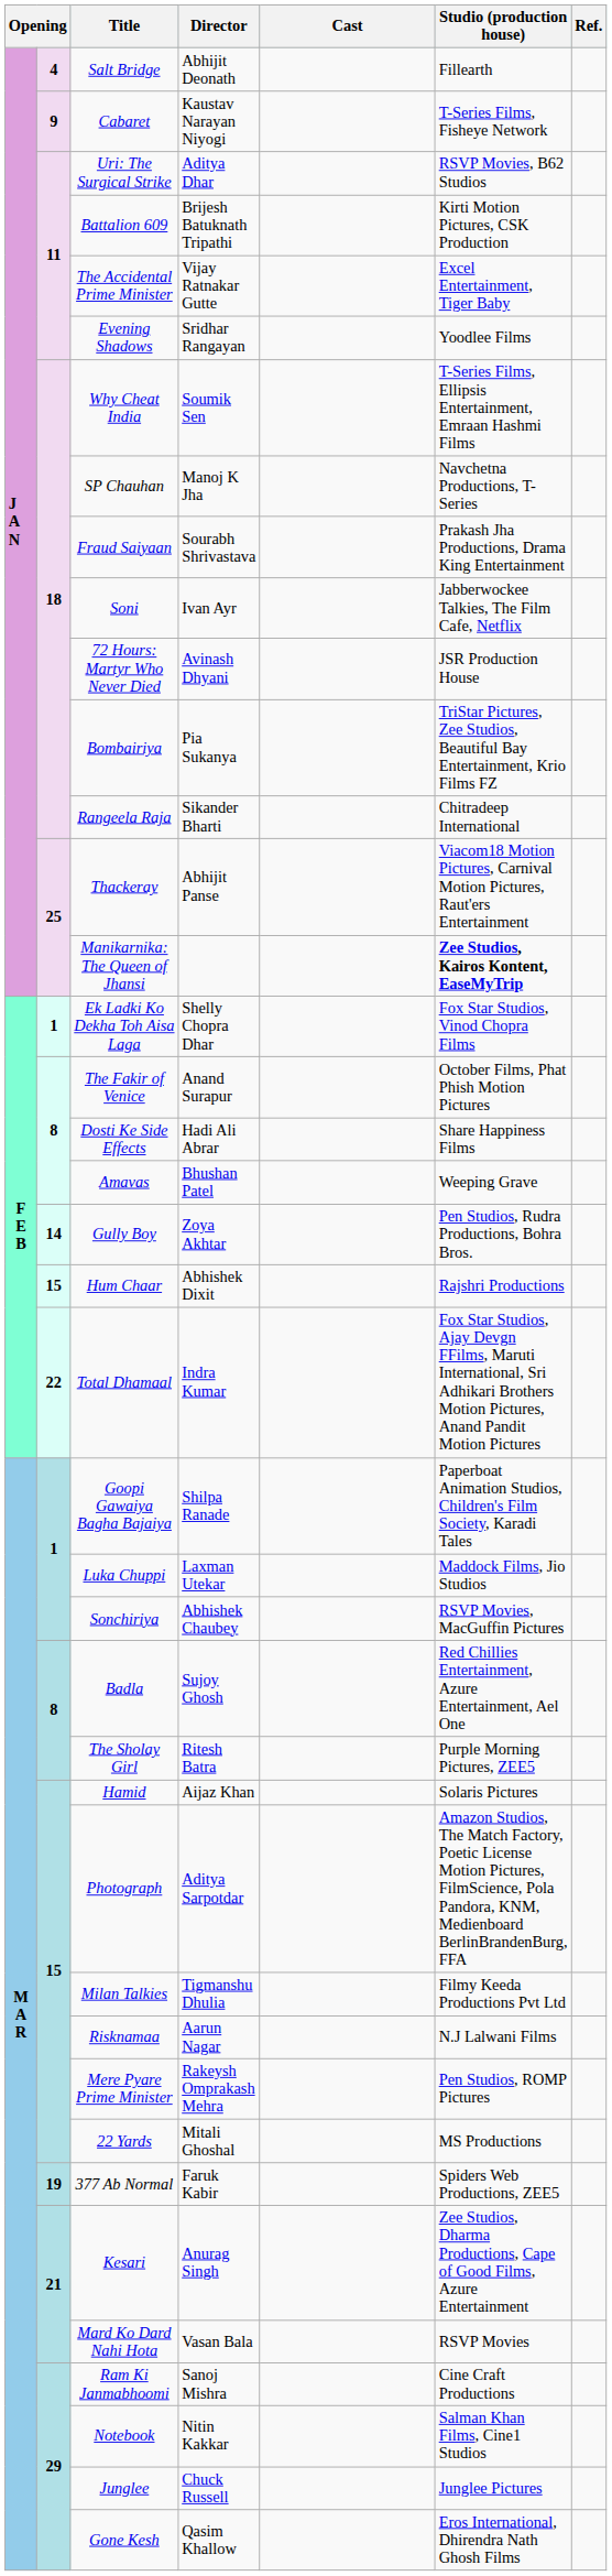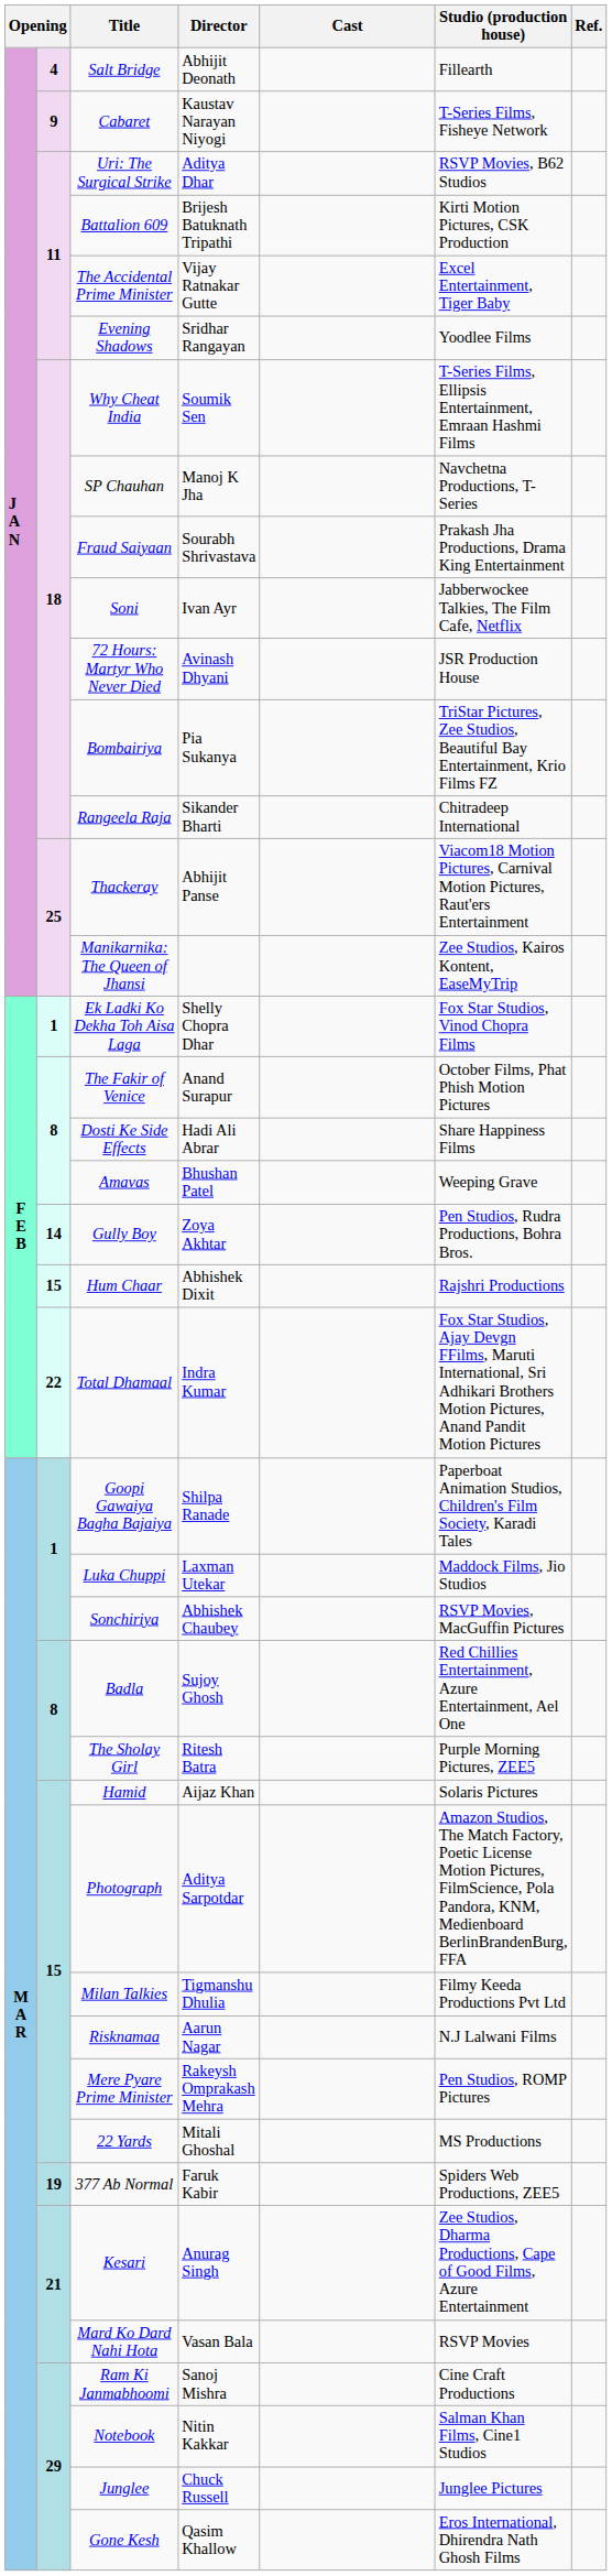 <table class="wikitable">
 <tr style="background:#b0e0e6; text-align:center;">
 <th colspan="2" style="width:6%;"><strong>Opening</strong></th>
 <th style="width:18%;"><strong>Title</strong></th>
 <th style="width:10.5%;"><strong>Director</strong></th>
 <th style="width:30%;"><strong>Cast</strong></th>
 <th>Studio (production house)</th>
 <th>Ref.</th>
 </tr>
 <tr>
 <td rowspan="15" style="dhtext-align:center; background:plum; textcolor:#000;"><strong>J<br>A<br>N</strong></td>
 <td style="text-align:center;background:#f1daf1;"><strong>4</strong></td>
 <td style="text-align:center;"><em><a href='#'>Salt Bridge</a></em></td>
 <td>Abhijit Deonath</td>
 <td></td>
 <td>Fillearth</td>
 <td></td>
 </tr>
 <tr>
 <td style="text-align:center;background:#f1daf1;"><strong>9</strong></td>
 <td style="text-align:center;"><em><a href='#'>Cabaret</a></em></td>
 <td>Kaustav Narayan Niyogi</td>
 <td></td>
 <td><a href='#'>T-Series Films</a>, Fisheye Network</td>
 <td></td>
 </tr>
 <tr>
 <td rowspan="4" style="text-align:center;background:#f1daf1;"><strong>11</strong></td>
 <td style="text-align:center;"><em><a href='#'>Uri: The Surgical Strike</a></em></td>
 <td><a href='#'>Aditya Dhar</a></td>
 <td></td>
 <td><a href='#'>RSVP Movies</a>, B62 Studios</td>
 <td></td>
 </tr>
 <tr>
 <td style="text-align:center;"><em><a href='#'>Battalion 609</a> </em></td>
 <td>Brijesh Batuknath Tripathi</td>
 <td></td>
 <td>Kirti Motion Pictures, CSK Production</td>
 <td></td>
 </tr>
 <tr>
 <td style="text-align:center;"><em><a href='#'>The Accidental Prime Minister</a></em></td>
 <td>Vijay Ratnakar Gutte</td>
 <td></td>
 <td><a href='#'>Excel Entertainment</a>, <a href='#'>Tiger Baby</a></td>
 <td></td>
 </tr>
 <tr>
 <td style="text-align:center;"><em><a href='#'>Evening Shadows</a></em></td>
 <td>Sridhar Rangayan</td>
 <td></td>
 <td>Yoodlee Films</td>
 <td></td>
 </tr>
 <tr>
 <td rowspan="7" style="text-align:center;background:#f1daf1;"><strong>18</strong></td>
 <td style="text-align:center;"><em><a href='#'>Why Cheat India</a></em></td>
 <td><a href='#'>Soumik Sen</a></td>
 <td></td>
 <td><a href='#'>T-Series Films</a>, Ellipsis Entertainment, Emraan Hashmi Films</td>
 <td></td>
 </tr>
 <tr>
 <td style="text-align:center;"><em>SP Chauhan</em></td>
 <td>Manoj K Jha</td>
 <td></td>
 <td>Navchetna Productions, T-Series</td>
 <td></td>
 </tr>
 <tr>
 <td style="text-align:center;"><em><a href='#'>Fraud Saiyaan</a></em></td>
 <td>Sourabh Shrivastava</td>
 <td></td>
 <td>Prakash Jha Productions, Drama King Entertainment</td>
 <td></td>
 </tr>
 <tr>
 <td style="text-align:center;"><em><a href='#'>Soni</a></em></td>
 <td>Ivan Ayr</td>
 <td></td>
 <td>Jabberwockee Talkies, The Film Cafe, <a href='#'>Netflix</a></td>
 <td></td>
 </tr>
 <tr>
 <td style="text-align:center;"><em><a href='#'>72 Hours: Martyr Who Never Died</a></em></td>
 <td><a href='#'>Avinash Dhyani</a></td>
 <td></td>
 <td>JSR Production House</td>
 <td></td>
 </tr>
 <tr>
 <td style="text-align:center;"><em><a href='#'>Bombairiya</a></em></td>
 <td>Pia Sukanya</td>
 <td></td>
 <td><a href='#'>TriStar Pictures</a>, <a href='#'>Zee Studios</a>, Beautiful Bay Entertainment, Krio Films FZ</td>
 <td></td>
 </tr>
 <tr>
 <td style="text-align:center;"><em><a href='#'>Rangeela Raja</a></em></td>
 <td>Sikander Bharti</td>
 <td></td>
 <td>Chitradeep International</td>
 <td></td>
 </tr>
 <tr>
 <td rowspan="2" style="text-align:center;background:#f1daf1;"><strong>25</strong></td>
 <td style="text-align:center;"><em><a href='#'>Thackeray</a></em></td>
 <td>Abhijit Panse</td>
 <td></td>
 <td><a href='#'>Viacom18 Motion Pictures</a>, Carnival Motion Pictures, Raut'ers Entertainment</td>
 <td></td>
 </tr>
 <tr>
 <td style="text-align:center;"><em><a href='#'>Manikarnika: The Queen of Jhansi</a></em></td>
 <td></td>
 <td></td>
-<td><strong><a href='#'>Zee Studios</a>, Kairos Kontent, <a href='#'>EaseMyTrip</a></strong></td>
+<td><a href='#'>Zee Studios</a>, Kairos Kontent, <a href='#'>EaseMyTrip</a></td>
 <td></td>
 </tr>
 <tr>
 <td rowspan="7" style="text-align:center; background:#7FFFD4; textcolor:#000;"><strong>F<br>E<br>B</strong></td>
 <td style="text-align:center; background:#dbfff8;"><strong>1</strong></td>
 <td style="text-align:center;"><em><a href='#'>Ek Ladki Ko Dekha Toh Aisa Laga</a></em></td>
 <td>Shelly Chopra Dhar</td>
 <td></td>
 <td><a href='#'>Fox Star Studios</a>, <a href='#'>Vinod Chopra Films</a></td>
 <td></td>
 </tr>
 <tr>
 <td rowspan="3" style="text-align:center;background:#dbfff8;"><strong>8</strong></td>
 <td style="text-align:center;"><em><a href='#'>The Fakir of Venice</a></em></td>
 <td>Anand Surapur</td>
 <td></td>
 <td>October Films, Phat Phish Motion Pictures</td>
 <td></td>
 </tr>
 <tr>
 <td style="text-align:center;"><em><a href='#'>Dosti Ke Side Effects</a></em></td>
 <td>Hadi Ali Abrar</td>
 <td></td>
 <td>Share Happiness Films</td>
 <td></td>
 </tr>
 <tr>
 <td style="text-align:center;"><em><a href='#'>Amavas</a></em></td>
 <td><a href='#'>Bhushan Patel</a></td>
 <td></td>
 <td>Weeping Grave</td>
 <td><br></td>
 </tr>
 <tr>
 <td style="text-align:center;background:#dbfff8;"><strong>14</strong></td>
 <td style="text-align:center;"><em><a href='#'>Gully Boy</a></em></td>
 <td><a href='#'>Zoya Akhtar</a></td>
 <td></td>
 <td><a href='#'>Pen Studios</a>, Rudra Productions, Bohra Bros.</td>
 <td></td>
 </tr>
 <tr>
 <td style="text-align:center; background:#dbfff8;"><strong>15</strong></td>
 <td style="text-align:center;"><em><a href='#'>Hum Chaar</a></em></td>
 <td>Abhishek Dixit</td>
 <td></td>
 <td><a href='#'>Rajshri Productions</a></td>
 <td></td>
 </tr>
 <tr>
 <td style="text-align:center; background:#dbfff8;"><strong>22</strong></td>
 <td style="text-align:center;"><em><a href='#'>Total Dhamaal</a></em></td>
 <td><a href='#'>Indra Kumar</a></td>
 <td></td>
 <td><a href='#'>Fox Star Studios</a>, <a href='#'>Ajay Devgn FFilms</a>, Maruti International, Sri Adhikari Brothers Motion Pictures, Anand Pandit Motion Pictures</td>
 <td><br></td>
 </tr>
 <tr>
 <td rowspan="18" style="text-align:center; background:#93CCEA; textcolor:#000;"><strong>M<br>A<br>R</strong></td>
 <td rowspan="3" style="text-align:center;background:#B0E0E6;"><strong>1</strong></td>
 <td style="text-align:center;"><em><a href='#'>Goopi Gawaiya Bagha Bajaiya</a></em></td>
 <td><a href='#'>Shilpa Ranade</a></td>
 <td></td>
 <td>Paperboat Animation Studios, <a href='#'>Children's Film Society</a>, Karadi Tales</td>
 <td></td>
 </tr>
 <tr>
 <td style="text-align:center;"><em><a href='#'>Luka Chuppi</a></em></td>
 <td><a href='#'>Laxman Utekar</a></td>
 <td></td>
 <td><a href='#'>Maddock Films</a>, Jio Studios</td>
 <td></td>
 </tr>
 <tr>
 <td style="text-align:center;"><em><a href='#'>Sonchiriya</a></em></td>
 <td><a href='#'>Abhishek Chaubey</a></td>
 <td></td>
 <td><a href='#'>RSVP Movies</a>, MacGuffin Pictures</td>
 <td></td>
 </tr>
 <tr>
 <td rowspan="2" style="text-align:center; background:#b0e0e6;"><strong>8</strong></td>
 <td style="text-align:center;"><em><a href='#'>Badla</a></em></td>
 <td><a href='#'>Sujoy Ghosh</a></td>
 <td></td>
 <td><a href='#'>Red Chillies Entertainment</a>, Azure Entertainment, Ael One</td>
 <td></td>
 </tr>
 <tr>
 <td style="text-align:center;"><em><a href='#'>The Sholay Girl</a></em></td>
 <td><a href='#'>Ritesh Batra</a></td>
 <td></td>
 <td>Purple Morning Pictures, <a href='#'>ZEE5</a></td>
 <td></td>
 </tr>
 <tr>
 <td rowspan="6" style="text-align:center;background:#B0E0E6;"><strong>15</strong></td>
 <td style="text-align:center;"><em><a href='#'>Hamid</a></em></td>
 <td>Aijaz Khan</td>
 <td></td>
 <td>Solaris Pictures</td>
 <td></td>
 </tr>
 <tr>
 <td style="text-align:center;"><em><a href='#'>Photograph</a></em></td>
 <td><a href='#'>Aditya Sarpotdar</a></td>
 <td></td>
 <td><a href='#'>Amazon Studios</a>, The Match Factory, Poetic License Motion Pictures, FilmScience, Pola Pandora, KNM, Medienboard BerlinBrandenBurg, FFA</td>
 <td><br></td>
 </tr>
 <tr>
 <td style="text-align:center;"><em><a href='#'>Milan Talkies</a></em></td>
 <td><a href='#'>Tigmanshu Dhulia</a></td>
 <td></td>
 <td>Filmy Keeda Productions Pvt Ltd</td>
 <td></td>
 </tr>
 <tr>
 <td style="text-align:center;"><em><a href='#'>Risknamaa</a></em></td>
 <td><a href='#'>Aarun Nagar</a></td>
 <td></td>
 <td>N.J Lalwani Films</td>
 <td></td>
 </tr>
 <tr>
 <td style="text-align:center;"><em><a href='#'>Mere Pyare Prime Minister</a></em></td>
 <td><a href='#'>Rakeysh Omprakash Mehra</a></td>
 <td></td>
 <td><a href='#'>Pen Studios</a>, ROMP Pictures</td>
 <td></td>
 </tr>
 <tr>
 <td style="text-align:center;"><em><a href='#'>22 Yards</a></em></td>
 <td>Mitali Ghoshal</td>
 <td></td>
 <td>MS Productions</td>
 <td></td>
 </tr>
 <tr>
 <td style="text-align:center;background:#B0E0E6;"><strong>19</strong></td>
 <td style="text-align:center;"><em>377 Ab Normal</em></td>
 <td>Faruk Kabir</td>
 <td></td>
 <td>Spiders Web Productions, ZEE5</td>
 <td></td>
 </tr>
 <tr>
 <td rowspan="2" style="text-align:center;background:#B0E0E6;"><strong>21</strong></td>
 <td style="text-align:center;"><em><a href='#'>Kesari</a></em></td>
 <td><a href='#'>Anurag Singh</a></td>
 <td></td>
 <td><a href='#'>Zee Studios</a>, <a href='#'>Dharma Productions</a>, <a href='#'>Cape of Good Films</a>, Azure Entertainment</td>
 <td></td>
 </tr>
 <tr>
 <td style="text-align:center;"><em><a href='#'>Mard Ko Dard Nahi Hota</a></em></td>
 <td>Vasan Bala</td>
 <td></td>
 <td>RSVP Movies</td>
 <td></td>
 </tr>
 <tr>
 <td rowspan="4" style="text-align:center;background:#B0E0E6;"><strong>29</strong></td>
 <td style="text-align:center;"><em><a href='#'>Ram Ki Janmabhoomi</a></em></td>
 <td>Sanoj Mishra</td>
 <td></td>
 <td>Cine Craft Productions</td>
 <td><br></td>
 </tr>
 <tr>
 <td style="text-align:center;"><em><a href='#'>Notebook</a></em></td>
 <td>Nitin Kakkar</td>
 <td></td>
 <td><a href='#'>Salman Khan Films</a>, Cine1 Studios</td>
 <td><br></td>
 </tr>
 <tr>
 <td style="text-align:center;"><em><a href='#'>Junglee</a></em></td>
 <td><a href='#'>Chuck Russell</a></td>
 <td></td>
 <td><a href='#'>Junglee Pictures</a></td>
 <td><br></td>
 </tr>
 <tr>
 <td style="text-align:center;"><em><a href='#'>Gone Kesh</a></em></td>
 <td>Qasim Khallow</td>
 <td></td>
 <td><a href='#'>Eros International</a>, Dhirendra Nath Ghosh Films</td>
 <td></td>
 </tr>
 </table>
